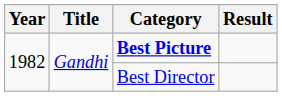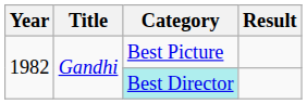 <table class="wikitable">
 <tr>
 <th>Year</th>
 <th>Title</th>
 <th>Category</th>
 <th>Result</th>
 </tr>
 <tr>
 <td rowspan=2>1982</td>
 <td rowspan=2><em><a href='#'>Gandhi</a></em></td>
-<td><strong><a href='#'>Best Picture</a></strong></td>
+<td><a href='#'>Best Picture</a></td>
 <td></td>
 </tr>
 <tr>
-<td><a href='#'>Best Director</a></td>
+<td style="background: paleturquoise;"><a href='#'>Best Director</a></td>
 <td></td>
 </tr>
 </table>
